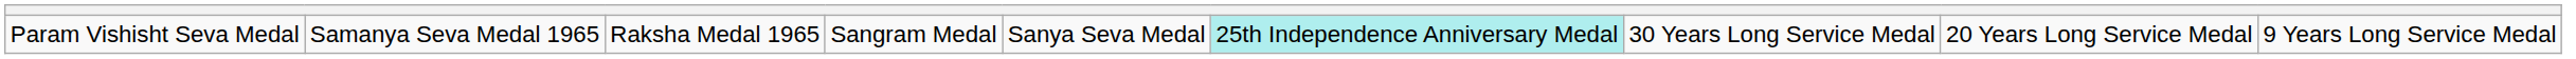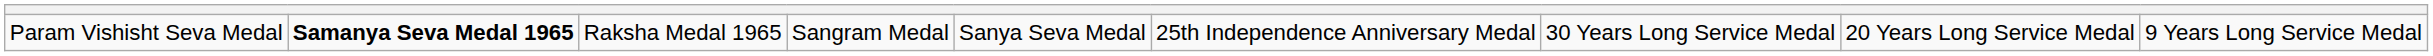 <table class="wikitable">
 <tr>
 <th colspan="9"></th>
 </tr>
 <tr>
 <td>Param Vishisht Seva Medal</td>
-<td>Samanya Seva Medal 1965</td>
+<td><strong>Samanya Seva Medal 1965</strong></td>
 <td>Raksha Medal 1965</td>
 <td>Sangram Medal</td>
 <td>Sanya Seva Medal</td>
-<td style="background: paleturquoise;">25th Independence Anniversary Medal</td>
+<td>25th Independence Anniversary Medal</td>
 <td>30 Years Long Service Medal</td>
 <td>20 Years Long Service Medal</td>
 <td>9 Years Long Service Medal</td>
 </tr>
 </table>
